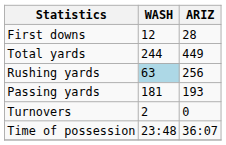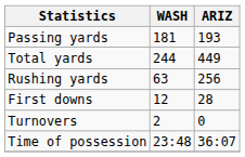 <table class="wikitable" style="float: left;">
 <tr>
 <th>Statistics</th>
 <th>WASH</th>
 <th>ARIZ</th>
 </tr>
 <tr>
-<td>First downs</td>
-<td>12</td>
-<td>28</td>
+<td>Passing yards</td>
+<td>181</td>
+<td>193</td>
 </tr>
 <tr>
 <td>Total yards</td>
 <td>244</td>
 <td>449</td>
 </tr>
 <tr>
 <td>Rushing yards</td>
-<td style="background: lightblue;">63</td>
+<td>63</td>
 <td>256</td>
 </tr>
 <tr>
-<td>Passing yards</td>
-<td>181</td>
-<td>193</td>
+<td>First downs</td>
+<td>12</td>
+<td>28</td>
 </tr>
 <tr>
 <td>Turnovers</td>
 <td>2</td>
 <td>0</td>
 </tr>
 <tr>
 <td>Time of possession</td>
 <td>23:48</td>
 <td>36:07</td>
 </tr>
 <tr>
 </tr>
 </table>
